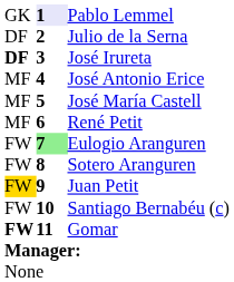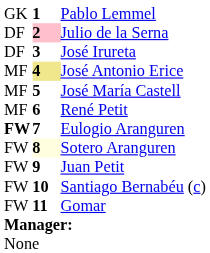 <table style="font-size: 90%" cellspacing="0" cellpadding="0" align=center>
 <tr>
 <td colspan="4"></td>
 </tr>
 <tr>
 <th width=25></th>
 <th width=25></th>
 </tr>
 <tr>
 <td>GK</td>
-<td style="background: lavender;"><strong>1</strong></td>
+<td><strong>1</strong></td>
 <td> <a href='#'>Pablo Lemmel</a></td>
 </tr>
 <tr>
 <td>DF</td>
-<td><strong>2</strong></td>
+<td style="background: pink;"><strong>2</strong></td>
 <td> <a href='#'>Julio de la Serna</a></td>
 </tr>
 <tr>
-<td><strong>DF</strong></td>
+<td>DF</td>
 <td><strong>3</strong></td>
 <td> <a href='#'>José Irureta</a></td>
 </tr>
 <tr>
 <td>MF</td>
-<td><strong>4</strong></td>
+<td style="background: khaki;"><strong>4</strong></td>
 <td> <a href='#'>José Antonio Erice</a></td>
 </tr>
 <tr>
 <td>MF</td>
 <td><strong>5</strong></td>
 <td> <a href='#'>José María Castell</a></td>
 </tr>
 <tr>
 <td>MF</td>
 <td><strong>6</strong></td>
 <td> <a href='#'>René Petit</a></td>
 </tr>
 <tr>
-<td>FW</td>
-<td style="background: lightgreen;"><strong>7</strong></td>
+<td><strong>FW</strong></td>
+<td><strong>7</strong></td>
 <td> <a href='#'>Eulogio Aranguren</a></td>
 </tr>
 <tr>
 <td>FW</td>
-<td><strong>8</strong></td>
+<td style="background: lightyellow;"><strong>8</strong></td>
 <td> <a href='#'>Sotero Aranguren</a></td>
 </tr>
 <tr>
-<td style="background: gold;">FW</td>
+<td>FW</td>
 <td><strong>9</strong></td>
 <td> <a href='#'>Juan Petit</a></td>
 </tr>
 <tr>
 <td>FW</td>
 <td><strong>10</strong></td>
 <td> <a href='#'>Santiago Bernabéu</a> (<a href='#'>c</a>)</td>
 </tr>
 <tr>
-<td><strong>FW</strong></td>
+<td>FW</td>
 <td><strong>11</strong></td>
 <td> <a href='#'>Gomar</a></td>
 </tr>
 <tr>
 <td colspan=3><strong>Manager:</strong></td>
 </tr>
 <tr>
 <td colspan=4>None</td>
 </tr>
 </table>
